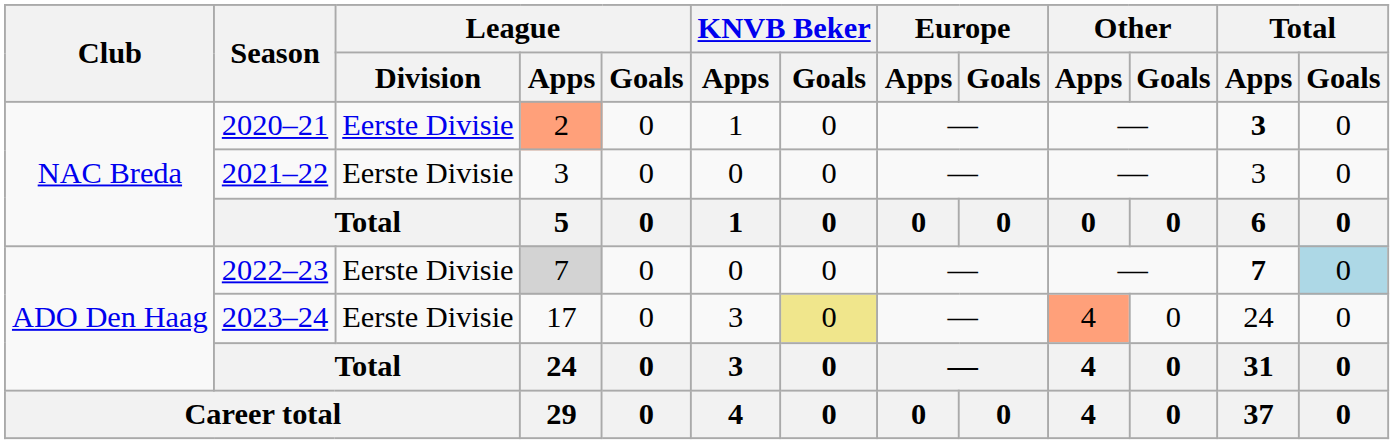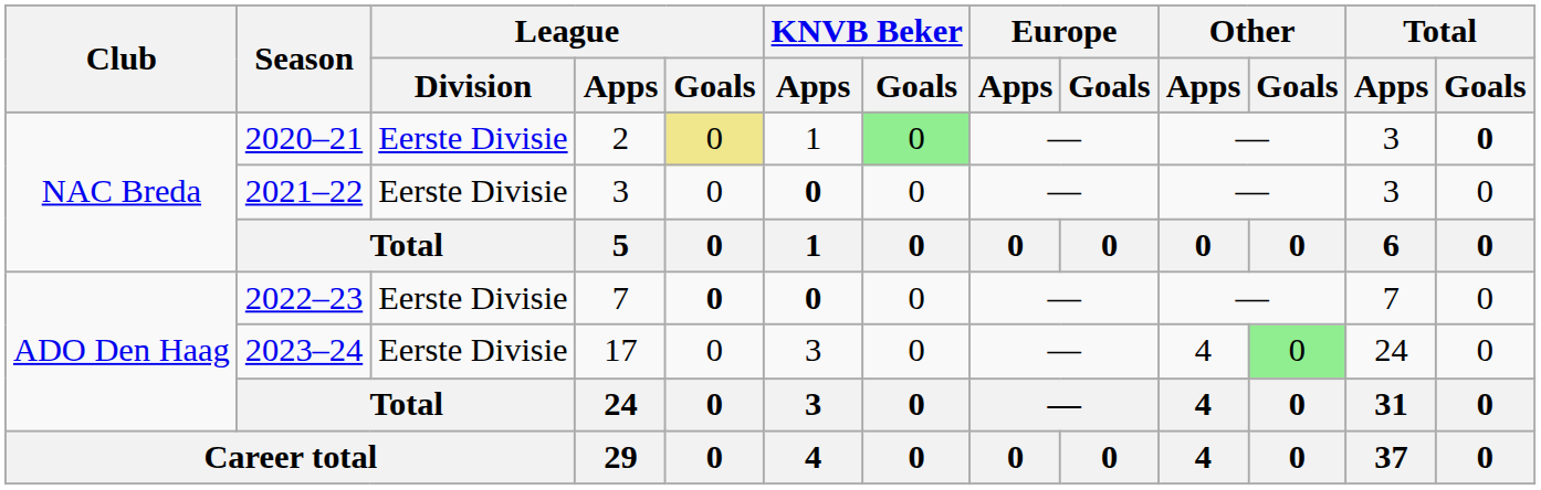 <table class="wikitable" style="text-align: center">
 <tr>
 <th rowspan="2">Club</th>
 <th rowspan="2">Season</th>
 <th colspan="3">League</th>
 <th colspan="2"><a href='#'>KNVB Beker</a></th>
 <th colspan="2">Europe</th>
 <th colspan="2">Other</th>
 <th colspan="2">Total</th>
 </tr>
 <tr>
 <th>Division</th>
 <th>Apps</th>
 <th>Goals</th>
 <th>Apps</th>
 <th>Goals</th>
 <th>Apps</th>
 <th>Goals</th>
 <th>Apps</th>
 <th>Goals</th>
 <th>Apps</th>
 <th>Goals</th>
 </tr>
 <tr>
 <td rowspan="3"><a href='#'>NAC Breda</a></td>
 <td><a href='#'>2020–21</a></td>
 <td><a href='#'>Eerste Divisie</a></td>
-<td style="background: lightsalmon;">2</td>
-<td>0</td>
+<td>2</td>
+<td style="background: khaki;">0</td>
 <td>1</td>
-<td>0</td>
+<td style="background: lightgreen;">0</td>
 <td colspan="2">—</td>
 <td colspan="2">—</td>
-<td><strong>3</strong></td>
-<td>0</td>
+<td>3</td>
+<td><strong>0</strong></td>
 </tr>
 <tr>
 <td><a href='#'>2021–22</a></td>
 <td>Eerste Divisie</td>
 <td>3</td>
 <td>0</td>
-<td>0</td>
+<td><strong>0</strong></td>
 <td>0</td>
 <td colspan="2">—</td>
 <td colspan="2">—</td>
 <td>3</td>
 <td>0</td>
 </tr>
 <tr>
 <th colspan="2">Total</th>
 <th>5</th>
 <th>0</th>
 <th>1</th>
 <th>0</th>
 <th>0</th>
 <th>0</th>
 <th>0</th>
 <th>0</th>
 <th>6</th>
 <th>0</th>
 </tr>
 <tr>
 <td rowspan="3"><a href='#'>ADO Den Haag</a></td>
 <td><a href='#'>2022–23</a></td>
 <td>Eerste Divisie</td>
-<td style="background: lightgrey;">7</td>
-<td>0</td>
-<td>0</td>
+<td>7</td>
+<td><strong>0</strong></td>
+<td><strong>0</strong></td>
 <td>0</td>
 <td colspan="2">—</td>
 <td colspan="2">—</td>
-<td><strong>7</strong></td>
-<td style="background: lightblue;">0</td>
+<td>7</td>
+<td>0</td>
 </tr>
 <tr>
 <td><a href='#'>2023–24</a></td>
 <td>Eerste Divisie</td>
 <td>17</td>
 <td>0</td>
 <td>3</td>
-<td style="background: khaki;">0</td>
+<td>0</td>
 <td colspan="2">—</td>
-<td style="background: lightsalmon;">4</td>
-<td>0</td>
+<td>4</td>
+<td style="background: lightgreen;">0</td>
 <td>24</td>
 <td>0</td>
 </tr>
 <tr>
 <th colspan="2">Total</th>
 <th>24</th>
 <th>0</th>
 <th>3</th>
 <th>0</th>
 <th colspan="2">—</th>
 <th>4</th>
 <th>0</th>
 <th>31</th>
 <th>0</th>
 </tr>
 <tr>
 <th colspan="3">Career total</th>
 <th>29</th>
 <th>0</th>
 <th>4</th>
 <th>0</th>
 <th>0</th>
 <th>0</th>
 <th>4</th>
 <th>0</th>
 <th>37</th>
 <th>0</th>
 </tr>
 </table>
